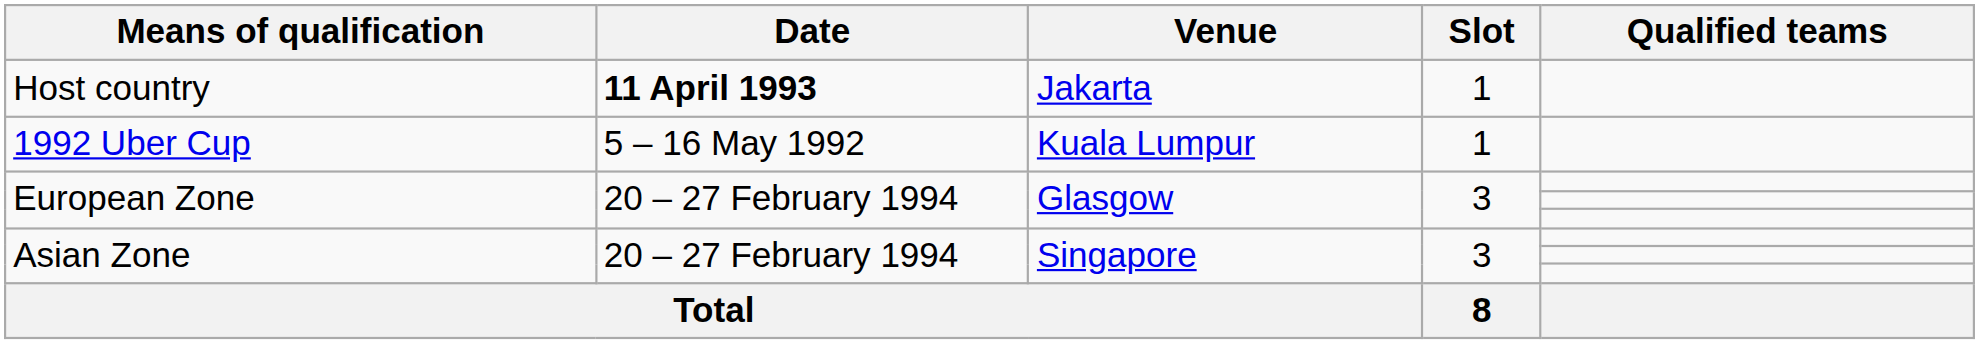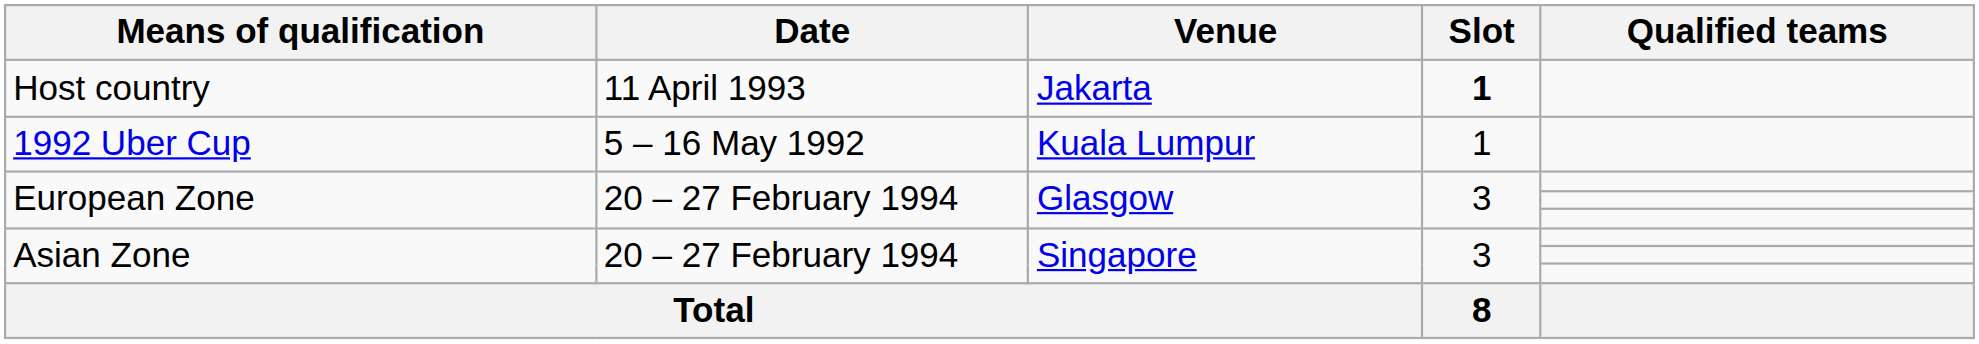 <table class="wikitable" width="900">
 <tr>
 <th width="30%">Means of qualification</th>
 <th width="22%">Date</th>
 <th width="20%">Venue</th>
 <th width="6%">Slot</th>
 <th width="22%">Qualified teams</th>
 </tr>
 <tr>
 <td>Host country</td>
-<td><strong>11 April 1993</strong></td>
+<td>11 April 1993</td>
 <td><a href='#'>Jakarta</a></td>
-<td align="center">1</td>
+<td align="center"><strong>1</strong></td>
 <td></td>
 </tr>
 <tr>
 <td><a href='#'>1992 Uber Cup</a></td>
 <td>5 – 16 May 1992</td>
 <td><a href='#'>Kuala Lumpur</a></td>
 <td align="center">1</td>
 <td></td>
 </tr>
 <tr>
 <td rowspan="3">European Zone</td>
 <td rowspan="3">20 – 27 February 1994</td>
 <td rowspan="3"><a href='#'>Glasgow</a></td>
 <td rowspan="3" align="center">3</td>
 <td></td>
 </tr>
 <tr>
 <td></td>
 </tr>
 <tr>
 <td></td>
 </tr>
 <tr>
 <td rowspan="3">Asian Zone</td>
 <td rowspan="3">20 – 27 February 1994</td>
 <td rowspan="3"><a href='#'>Singapore</a></td>
 <td rowspan="3" align="center">3</td>
 <td></td>
 </tr>
 <tr>
 <td></td>
 </tr>
 <tr>
 <td></td>
 </tr>
 <tr>
 <th colspan="3">Total</th>
 <th>8</th>
 <th></th>
 </tr>
 </table>
